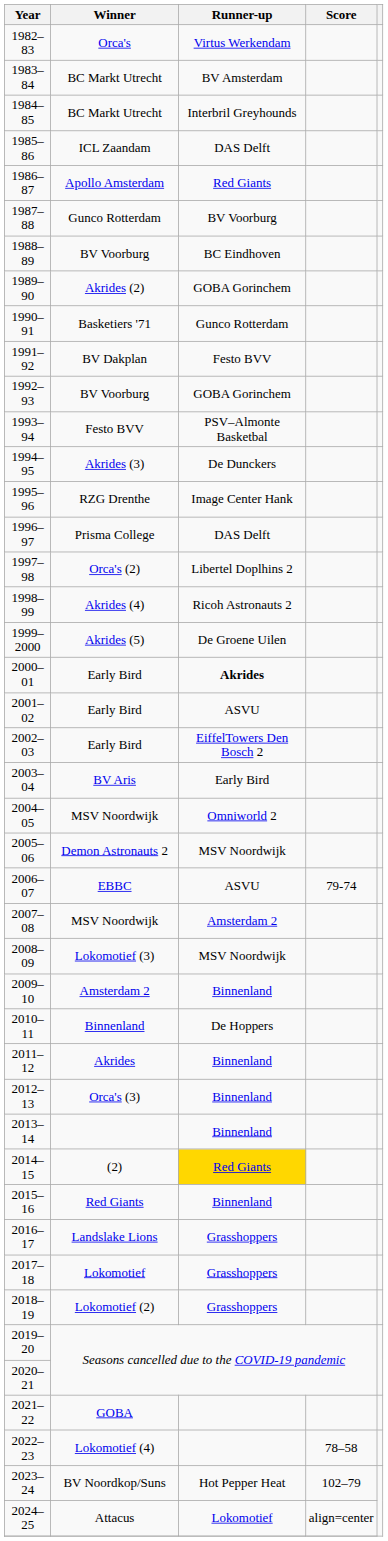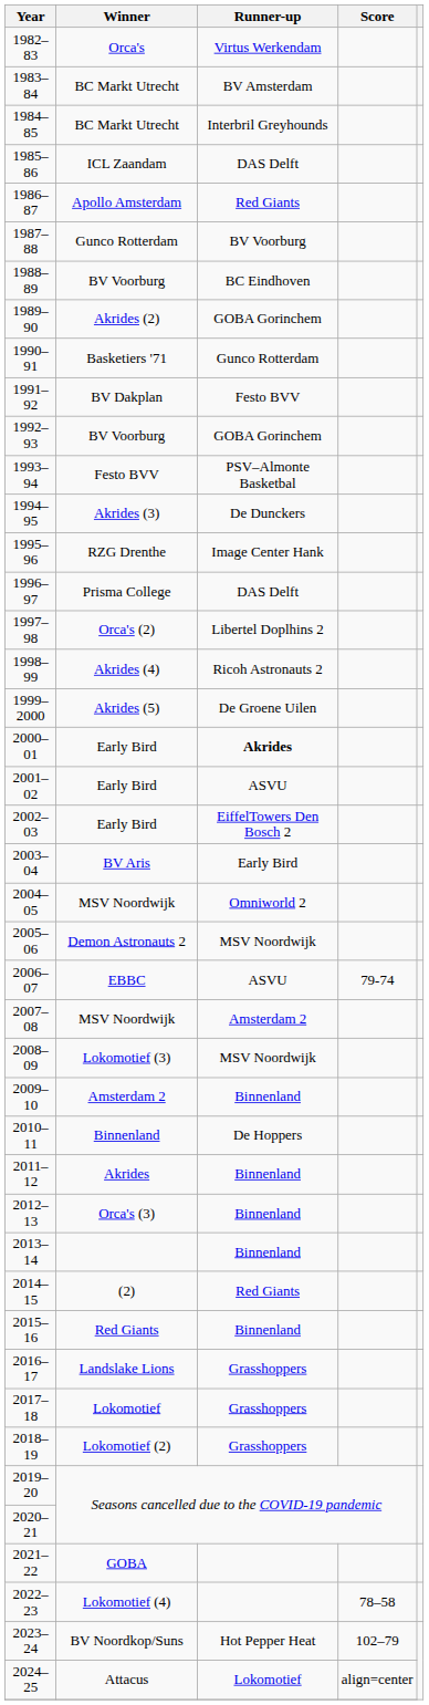 <table class="wikitable sortable" style="text-align:center;">
 <tr>
 <th width="50">Year</th>
 <th width="150">Winner</th>
 <th width="150">Runner-up</th>
 <th>Score</th>
 <th class="unsortable"></th>
 </tr>
 <tr>
 <td>1982–83</td>
 <td><a href='#'>Orca's</a></td>
 <td><a href='#'>Virtus Werkendam</a></td>
 <td></td>
 <td></td>
 </tr>
 <tr>
 <td>1983–84</td>
 <td>BC Markt Utrecht</td>
 <td>BV Amsterdam</td>
 <td></td>
 <td></td>
 </tr>
 <tr>
 <td>1984–85</td>
 <td>BC Markt Utrecht</td>
 <td>Interbril Greyhounds</td>
 <td></td>
 <td></td>
 </tr>
 <tr>
 <td>1985–86</td>
 <td>ICL Zaandam</td>
 <td>DAS Delft</td>
 <td></td>
 <td></td>
 </tr>
 <tr>
 <td>1986–87</td>
 <td><a href='#'>Apollo Amsterdam</a></td>
 <td><a href='#'>Red Giants</a></td>
 <td></td>
 <td></td>
 </tr>
 <tr>
 <td>1987–88</td>
 <td>Gunco Rotterdam</td>
 <td>BV Voorburg</td>
 <td></td>
 <td></td>
 </tr>
 <tr>
 <td>1988–89</td>
 <td>BV Voorburg</td>
 <td>BC Eindhoven</td>
 <td></td>
 <td></td>
 </tr>
 <tr>
 <td>1989–90</td>
 <td><a href='#'>Akrides</a> (2)</td>
 <td>GOBA Gorinchem</td>
 <td></td>
 <td></td>
 </tr>
 <tr>
 <td>1990–91</td>
 <td>Basketiers '71</td>
 <td>Gunco Rotterdam</td>
 <td></td>
 <td></td>
 </tr>
 <tr>
 <td>1991–92</td>
 <td>BV Dakplan</td>
 <td>Festo BVV</td>
 <td></td>
 <td></td>
 </tr>
 <tr>
 <td>1992–93</td>
 <td>BV Voorburg</td>
 <td>GOBA Gorinchem</td>
 <td></td>
 <td></td>
 </tr>
 <tr>
 <td>1993–94</td>
 <td>Festo BVV</td>
 <td>PSV–Almonte Basketbal</td>
 <td></td>
 <td></td>
 </tr>
 <tr>
 <td>1994–95</td>
 <td><a href='#'>Akrides</a> (3)</td>
 <td>De Dunckers</td>
 <td></td>
 <td></td>
 </tr>
 <tr>
 <td>1995–96</td>
 <td>RZG Drenthe</td>
 <td>Image Center Hank</td>
 <td></td>
 <td></td>
 </tr>
 <tr>
 <td>1996–97</td>
 <td>Prisma College</td>
 <td>DAS Delft</td>
 <td></td>
 <td></td>
 </tr>
 <tr>
 <td>1997–98</td>
 <td><a href='#'>Orca's</a> (2)</td>
 <td>Libertel Doplhins 2</td>
 <td></td>
 <td></td>
 </tr>
 <tr>
 <td>1998–99</td>
 <td><a href='#'>Akrides</a> (4)</td>
 <td>Ricoh Astronauts 2</td>
 <td></td>
 <td></td>
 </tr>
 <tr>
 <td>1999–2000</td>
 <td><a href='#'>Akrides</a> (5)</td>
 <td>De Groene Uilen</td>
 <td></td>
 <td></td>
 </tr>
 <tr>
 <td>2000–01</td>
 <td>Early Bird</td>
 <td><strong>Akrides</strong></td>
 <td></td>
 <td></td>
 </tr>
 <tr>
 <td>2001–02</td>
 <td>Early Bird</td>
 <td>ASVU</td>
 <td></td>
 <td></td>
 </tr>
 <tr>
 <td>2002–03</td>
 <td>Early Bird</td>
 <td><a href='#'>EiffelTowers Den Bosch</a> 2</td>
 <td></td>
 <td></td>
 </tr>
 <tr>
 <td>2003–04</td>
 <td><a href='#'>BV Aris</a></td>
 <td>Early Bird</td>
 <td></td>
 <td></td>
 </tr>
 <tr>
 <td>2004–05</td>
 <td>MSV Noordwijk</td>
 <td><a href='#'>Omniworld</a> 2</td>
 <td></td>
 <td></td>
 </tr>
 <tr>
 <td align="center">2005–06</td>
 <td><a href='#'>Demon Astronauts</a> 2</td>
 <td>MSV Noordwijk</td>
 <td></td>
 <td align="center"></td>
 </tr>
 <tr>
 <td align="center">2006–07</td>
 <td><a href='#'>EBBC</a></td>
 <td>ASVU</td>
 <td>79-74</td>
 <td align="center"></td>
 </tr>
 <tr>
 <td align="center">2007–08</td>
 <td>MSV Noordwijk</td>
 <td><a href='#'>Amsterdam 2</a></td>
 <td></td>
 <td align="center"></td>
 </tr>
 <tr>
 <td align="center">2008–09</td>
 <td><a href='#'>Lokomotief</a> (3)</td>
 <td>MSV Noordwijk</td>
 <td></td>
 <td align="center"></td>
 </tr>
 <tr>
 <td align="center">2009–10</td>
 <td><a href='#'>Amsterdam 2</a></td>
 <td><a href='#'>Binnenland</a></td>
 <td></td>
 <td align="center"></td>
 </tr>
 <tr>
 <td align="center">2010–11</td>
 <td><a href='#'>Binnenland</a></td>
 <td>De Hoppers</td>
 <td></td>
 <td align="center"></td>
 </tr>
 <tr>
 <td align="center">2011–12</td>
 <td><a href='#'>Akrides</a></td>
 <td><a href='#'>Binnenland</a></td>
 <td></td>
 <td align="center"></td>
 </tr>
 <tr>
 <td align="center">2012–13</td>
 <td><a href='#'>Orca's</a> (3)</td>
 <td><a href='#'>Binnenland</a></td>
 <td></td>
 <td align="center"></td>
 </tr>
 <tr>
 <td align="center">2013–14</td>
 <td></td>
 <td><a href='#'>Binnenland</a></td>
 <td></td>
 <td align="center"></td>
 </tr>
 <tr>
 <td align="center">2014–15</td>
 <td> (2)</td>
-<td style="background: gold;"><a href='#'>Red Giants</a></td>
+<td><a href='#'>Red Giants</a></td>
 <td></td>
 <td align="center"></td>
 </tr>
 <tr>
 <td align="center">2015–16</td>
 <td><a href='#'>Red Giants</a></td>
 <td><a href='#'>Binnenland</a></td>
 <td></td>
 <td align="center"></td>
 </tr>
 <tr>
 <td align="center">2016–17</td>
 <td><a href='#'>Landslake Lions</a></td>
 <td><a href='#'>Grasshoppers</a></td>
 <td></td>
 <td align="center"></td>
 </tr>
 <tr>
 <td align="center">2017–18</td>
 <td><a href='#'>Lokomotief</a></td>
 <td><a href='#'>Grasshoppers</a></td>
 <td></td>
 <td align="center"></td>
 </tr>
 <tr>
 <td align="center">2018–19</td>
 <td><a href='#'>Lokomotief</a> (2)</td>
 <td><a href='#'>Grasshoppers</a></td>
 <td></td>
 <td align="center"></td>
 </tr>
 <tr>
 <td align="center">2019–20</td>
 <td colspan="3" rowspan="2"><em>Seasons cancelled due to the <a href='#'> COVID-19 pandemic</a></em></td>
 <td rowspan="2" align="center"></td>
 </tr>
 <tr>
 <td>2020–21</td>
 </tr>
 <tr>
 <td>2021–22</td>
 <td><a href='#'>GOBA</a></td>
 <td></td>
 <td></td>
 <td></td>
 </tr>
 <tr>
 <td>2022–23</td>
 <td><a href='#'>Lokomotief</a> (4)</td>
 <td></td>
 <td>78–58</td>
 <td></td>
 </tr>
 <tr>
 <td>2023–24</td>
 <td>BV Noordkop/Suns</td>
 <td>Hot Pepper Heat</td>
 <td>102–79</td>
 </tr>
 <tr>
 <td>2024–25</td>
 <td>Attacus</td>
 <td><a href='#'>Lokomotief</a></td>
 <td>align=center </td>
 </tr>
 <tr>
 </tr>
 </table>
